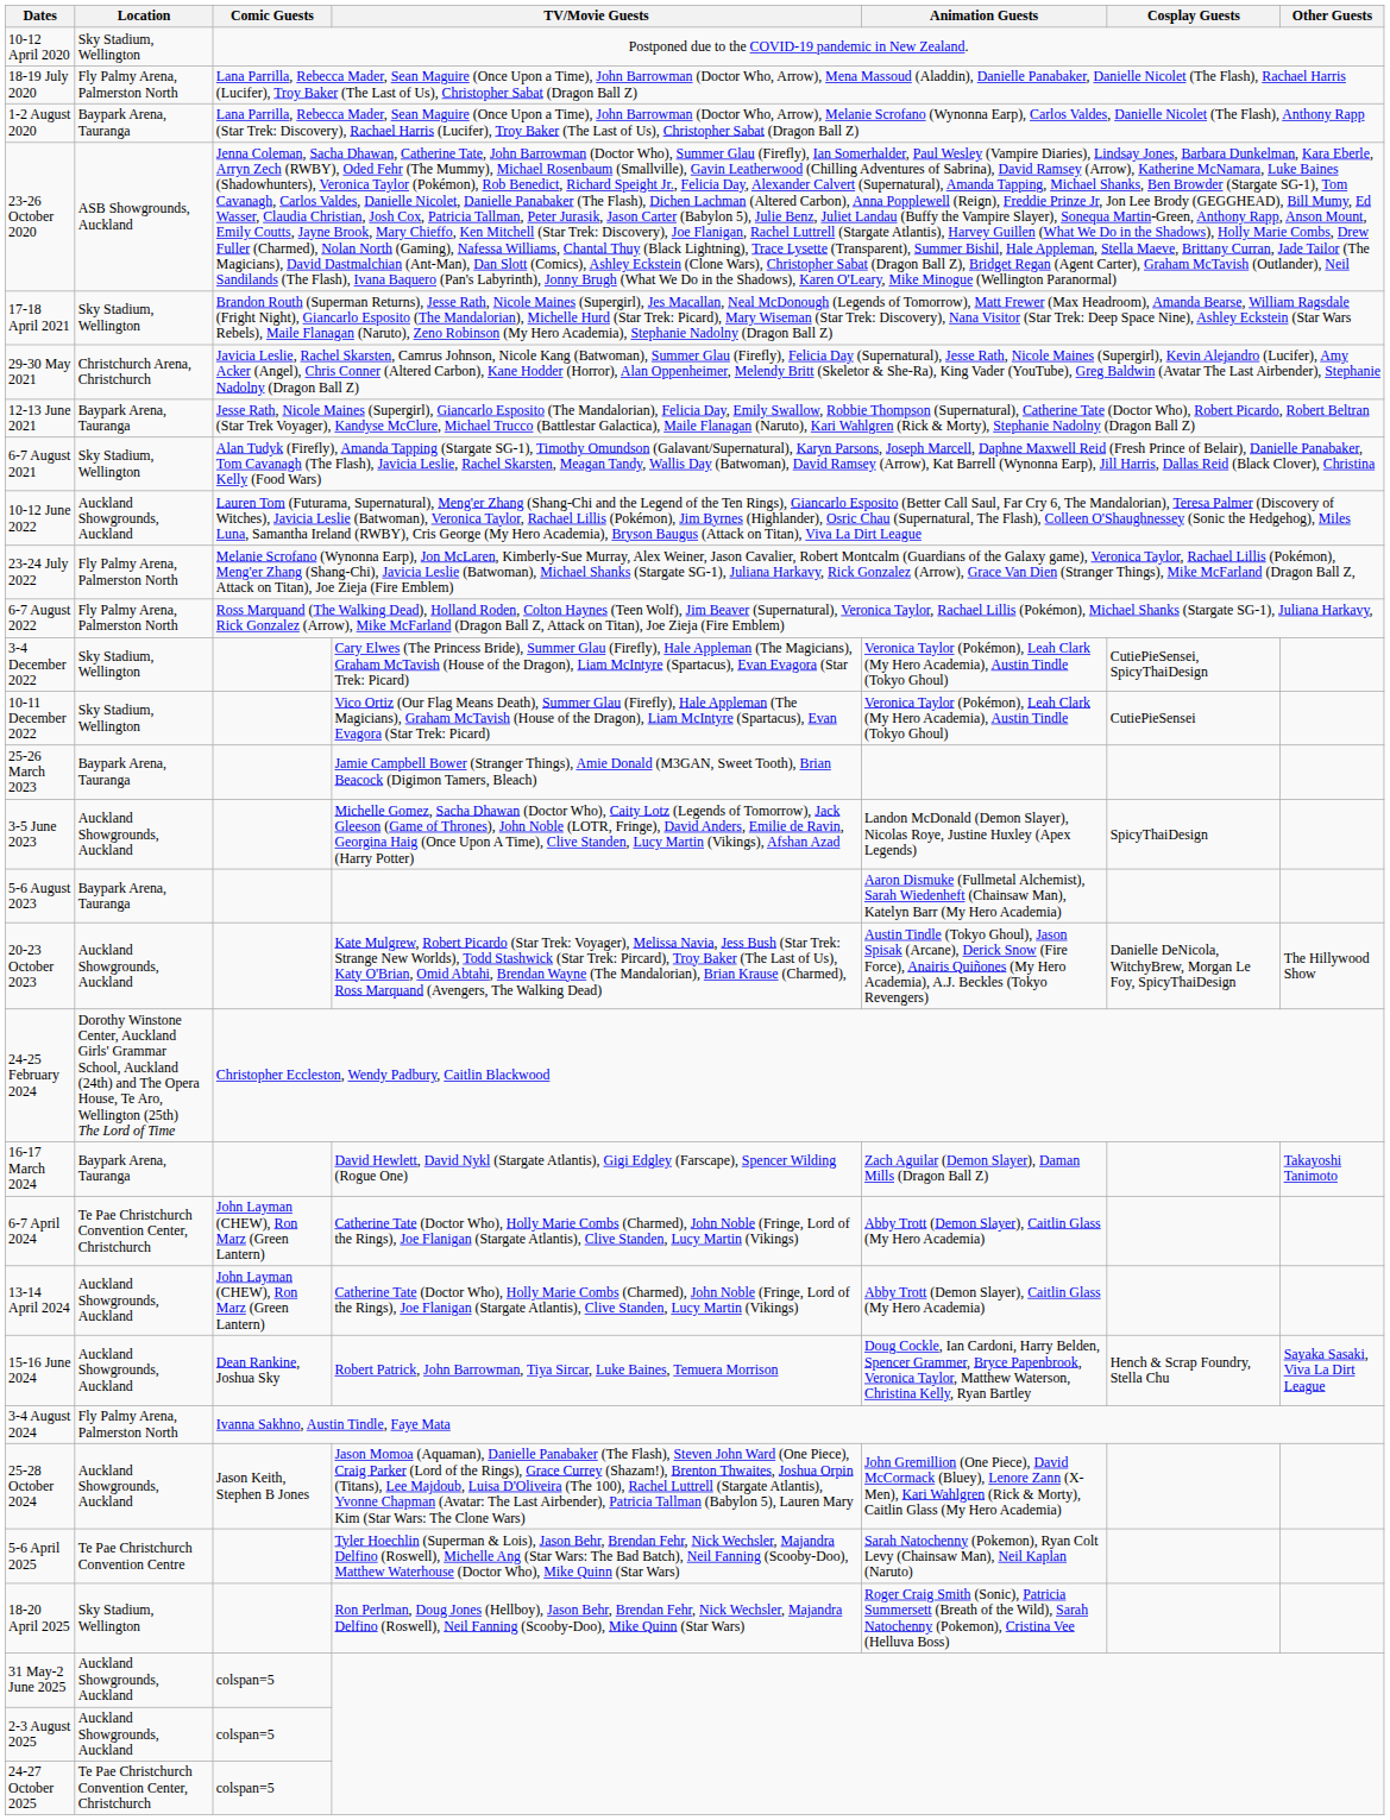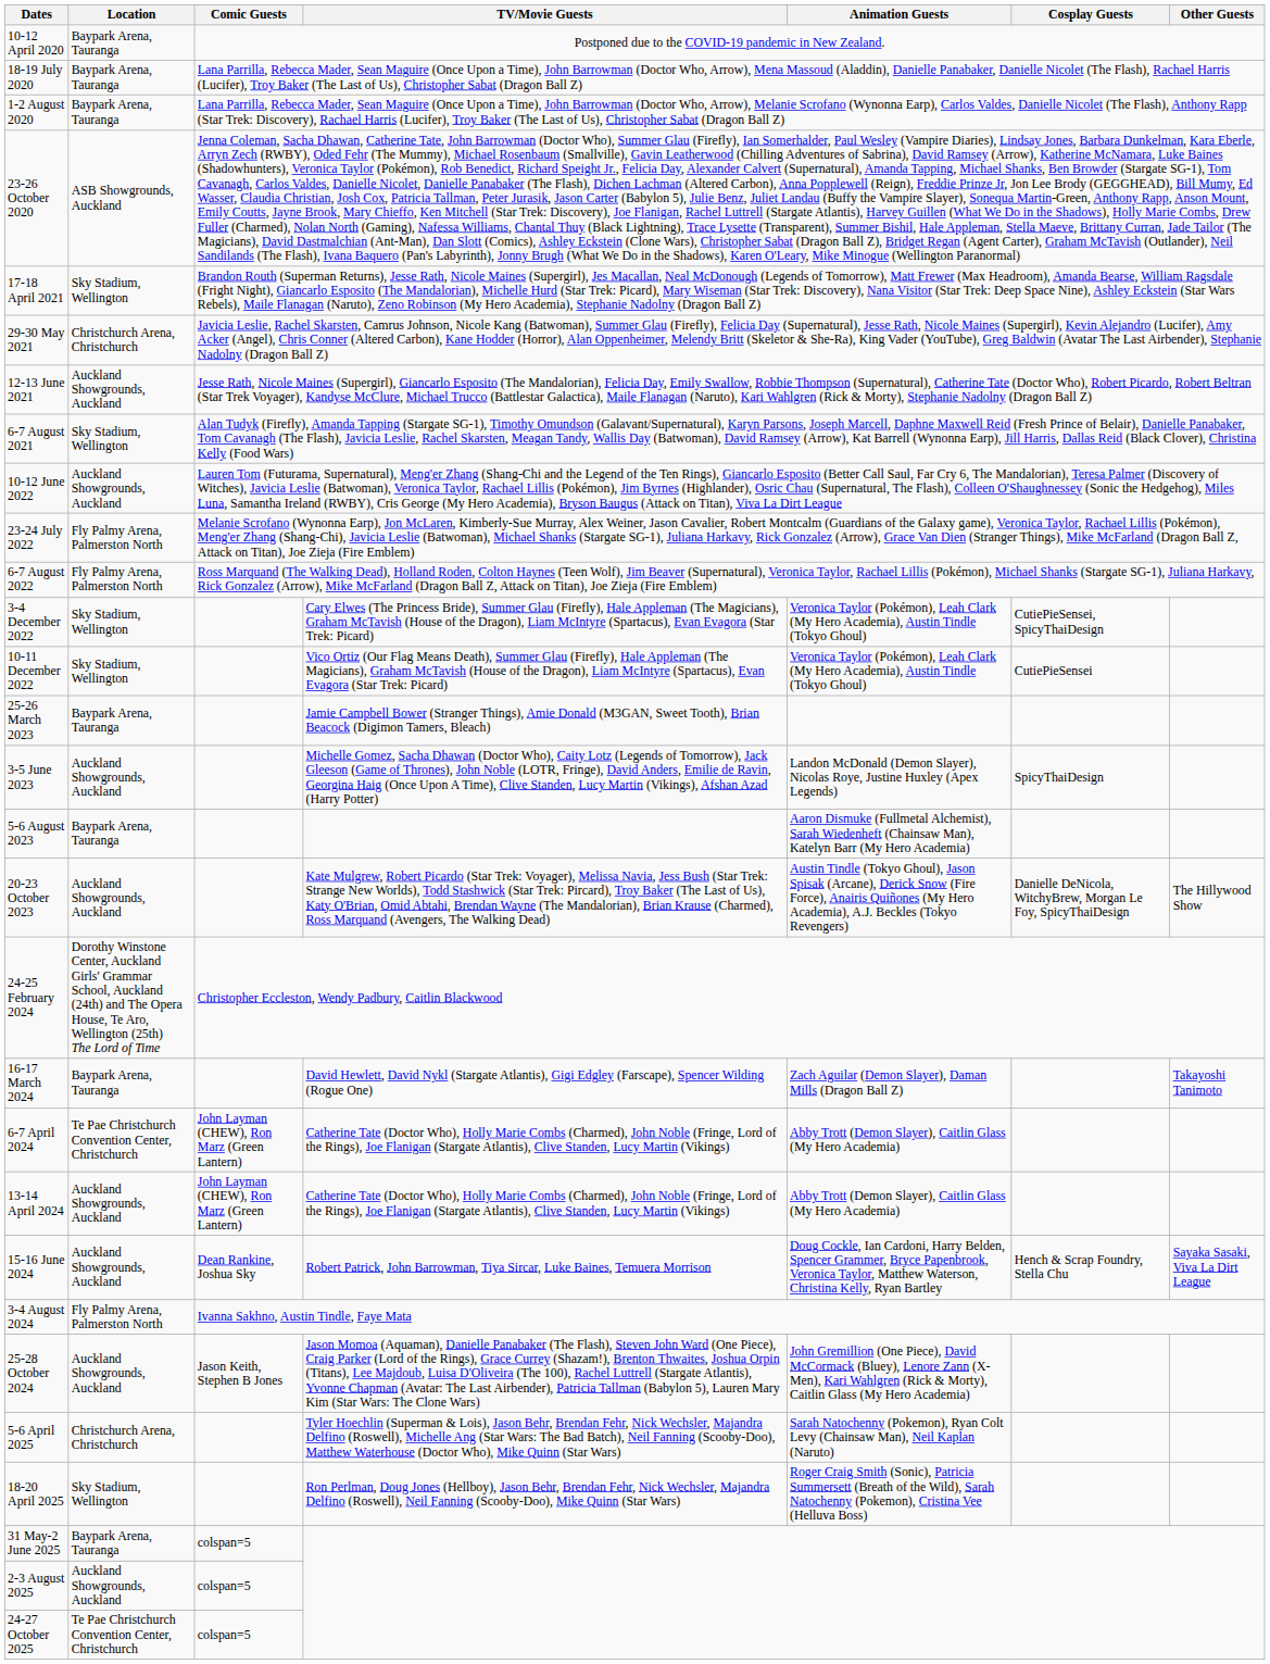 <table class="wikitable sortable sticky-header">
 <tr>
 <th>Dates</th>
 <th>Location</th>
 <th>Comic Guests</th>
 <th>TV/Movie Guests</th>
 <th>Animation Guests</th>
 <th>Cosplay Guests</th>
 <th>Other Guests</th>
 </tr>
 <tr>
 <td>10-12 April 2020</td>
-<td>Sky Stadium, Wellington</td>
+<td>Baypark Arena, Tauranga</td>
 <td colspan=5 style="text-align: center;">Postponed due to the <a href='#'>COVID-19 pandemic in New Zealand</a>.</td>
 </tr>
 <tr>
 <td>18-19 July 2020</td>
-<td>Fly Palmy Arena, Palmerston North</td>
+<td>Baypark Arena, Tauranga</td>
 <td colspan=5><a href='#'>Lana Parrilla</a>, <a href='#'>Rebecca Mader</a>, <a href='#'>Sean Maguire</a> (Once Upon a Time), <a href='#'>John Barrowman</a> (Doctor Who, Arrow), <a href='#'>Mena Massoud</a> (Aladdin), <a href='#'>Danielle Panabaker</a>, <a href='#'>Danielle Nicolet</a> (The Flash), <a href='#'>Rachael Harris</a> (Lucifer), <a href='#'>Troy Baker</a> (The Last of Us), <a href='#'>Christopher Sabat</a> (Dragon Ball Z)</td>
 </tr>
 <tr>
 <td>1-2 August 2020</td>
 <td>Baypark Arena, Tauranga</td>
 <td colspan=5><a href='#'>Lana Parrilla</a>, <a href='#'>Rebecca Mader</a>, <a href='#'>Sean Maguire</a> (Once Upon a Time), <a href='#'>John Barrowman</a> (Doctor Who, Arrow), <a href='#'>Melanie Scrofano</a> (Wynonna Earp), <a href='#'>Carlos Valdes</a>, <a href='#'>Danielle Nicolet</a> (The Flash), <a href='#'>Anthony Rapp</a> (Star Trek: Discovery), <a href='#'>Rachael Harris</a> (Lucifer), <a href='#'>Troy Baker</a> (The Last of Us), <a href='#'>Christopher Sabat</a> (Dragon Ball Z)</td>
 </tr>
 <tr>
 <td>23-26 October 2020</td>
 <td>ASB Showgrounds, Auckland</td>
 <td colspan=5><a href='#'>Jenna Coleman</a>, <a href='#'>Sacha Dhawan</a>, <a href='#'>Catherine Tate</a>, <a href='#'>John Barrowman</a> (Doctor Who), <a href='#'>Summer Glau</a> (Firefly), <a href='#'>Ian Somerhalder</a>, <a href='#'>Paul Wesley</a> (Vampire Diaries), <a href='#'>Lindsay Jones</a>, <a href='#'>Barbara Dunkelman</a>, <a href='#'>Kara Eberle</a>, <a href='#'>Arryn Zech</a> (RWBY), <a href='#'>Oded Fehr</a> (The Mummy), <a href='#'>Michael Rosenbaum</a> (Smallville), <a href='#'>Gavin Leatherwood</a> (Chilling Adventures of Sabrina), <a href='#'>David Ramsey</a> (Arrow), <a href='#'>Katherine McNamara</a>, <a href='#'>Luke Baines</a> (Shadowhunters), <a href='#'>Veronica Taylor</a> (Pokémon), <a href='#'>Rob Benedict</a>, <a href='#'>Richard Speight Jr.</a>, <a href='#'>Felicia Day</a>, <a href='#'>Alexander Calvert</a> (Supernatural), <a href='#'>Amanda Tapping</a>, <a href='#'>Michael Shanks</a>, <a href='#'>Ben Browder</a> (Stargate SG-1), <a href='#'>Tom Cavanagh</a>, <a href='#'>Carlos Valdes</a>, <a href='#'>Danielle Nicolet</a>, <a href='#'>Danielle Panabaker</a> (The Flash), <a href='#'>Dichen Lachman</a> (Altered Carbon), <a href='#'>Anna Popplewell</a> (Reign), <a href='#'>Freddie Prinze Jr</a>, Jon Lee Brody (GEGGHEAD), <a href='#'>Bill Mumy</a>, <a href='#'>Ed Wasser</a>, <a href='#'>Claudia Christian</a>, <a href='#'>Josh Cox</a>, <a href='#'>Patricia Tallman</a>, <a href='#'>Peter Jurasik</a>, <a href='#'>Jason Carter</a> (Babylon 5), <a href='#'>Julie Benz</a>, <a href='#'>Juliet Landau</a> (Buffy the Vampire Slayer), <a href='#'>Sonequa Martin</a>-Green, <a href='#'>Anthony Rapp</a>, <a href='#'>Anson Mount</a>, <a href='#'>Emily Coutts</a>, <a href='#'>Jayne Brook</a>, <a href='#'>Mary Chieffo</a>, <a href='#'>Ken Mitchell</a> (Star Trek: Discovery), <a href='#'>Joe Flanigan</a>, <a href='#'>Rachel Luttrell</a> (Stargate Atlantis), <a href='#'>Harvey Guillen</a> (<a href='#'>What We Do in the Shadows</a>), <a href='#'>Holly Marie Combs</a>, <a href='#'>Drew Fuller</a> (Charmed), <a href='#'>Nolan North</a> (Gaming), <a href='#'>Nafessa Williams</a>, <a href='#'>Chantal Thuy</a> (Black Lightning), <a href='#'>Trace Lysette</a> (Transparent), <a href='#'>Summer Bishil</a>, <a href='#'>Hale Appleman</a>, <a href='#'>Stella Maeve</a>, <a href='#'>Brittany Curran</a>, <a href='#'>Jade Tailor</a> (The Magicians), <a href='#'>David Dastmalchian</a> (Ant-Man), <a href='#'>Dan Slott</a> (Comics), <a href='#'>Ashley Eckstein</a> (Clone Wars), <a href='#'>Christopher Sabat</a> (Dragon Ball Z), <a href='#'>Bridget Regan</a> (Agent Carter), <a href='#'>Graham McTavish</a> (Outlander), <a href='#'>Neil Sandilands</a> (The Flash), <a href='#'>Ivana Baquero</a> (Pan's Labyrinth), <a href='#'>Jonny Brugh</a> (What We Do in the Shadows), <a href='#'>Karen O'Leary</a>, <a href='#'>Mike Minogue</a> (Wellington Paranormal)</td>
 </tr>
 <tr>
 <td>17-18 April 2021</td>
 <td>Sky Stadium, Wellington</td>
 <td colspan=5><a href='#'>Brandon Routh</a> (Superman Returns), <a href='#'>Jesse Rath</a>, <a href='#'>Nicole Maines</a> (Supergirl), <a href='#'>Jes Macallan</a>, <a href='#'>Neal McDonough</a> (Legends of Tomorrow), <a href='#'>Matt Frewer</a> (Max Headroom), <a href='#'>Amanda Bearse</a>, <a href='#'>William Ragsdale</a> (Fright Night), <a href='#'>Giancarlo Esposito</a> (<a href='#'>The Mandalorian</a>), <a href='#'>Michelle Hurd</a> (Star Trek: Picard), <a href='#'>Mary Wiseman</a> (Star Trek: Discovery), <a href='#'>Nana Visitor</a> (Star Trek: Deep Space Nine), <a href='#'>Ashley Eckstein</a> (Star Wars Rebels), <a href='#'>Maile Flanagan</a> (Naruto), <a href='#'>Zeno Robinson</a> (My Hero Academia), <a href='#'>Stephanie Nadolny</a> (Dragon Ball Z)</td>
 </tr>
 <tr>
 <td>29-30 May 2021</td>
 <td>Christchurch Arena, Christchurch</td>
 <td colspan=5><a href='#'>Javicia Leslie</a>, <a href='#'>Rachel Skarsten</a>, Camrus Johnson, Nicole Kang (Batwoman), <a href='#'>Summer Glau</a> (Firefly), <a href='#'>Felicia Day</a> (Supernatural), <a href='#'>Jesse Rath</a>, <a href='#'>Nicole Maines</a> (Supergirl), <a href='#'>Kevin Alejandro</a> (Lucifer), <a href='#'>Amy Acker</a> (Angel), <a href='#'>Chris Conner</a> (Altered Carbon), <a href='#'>Kane Hodder</a> (Horror), <a href='#'>Alan Oppenheimer</a>, <a href='#'>Melendy Britt</a> (Skeletor & She-Ra), King Vader (YouTube), <a href='#'>Greg Baldwin</a> (Avatar The Last Airbender), <a href='#'>Stephanie Nadolny</a> (Dragon Ball Z)</td>
 </tr>
 <tr>
 <td>12-13 June 2021</td>
-<td>Baypark Arena, Tauranga</td>
+<td>Auckland Showgrounds, Auckland</td>
 <td colspan=5><a href='#'>Jesse Rath</a>, <a href='#'>Nicole Maines</a> (Supergirl), <a href='#'>Giancarlo Esposito</a> (The Mandalorian), <a href='#'>Felicia Day</a>, <a href='#'>Emily Swallow</a>, <a href='#'>Robbie Thompson</a> (Supernatural), <a href='#'>Catherine Tate</a> (Doctor Who), <a href='#'>Robert Picardo</a>, <a href='#'>Robert Beltran</a> (Star Trek Voyager), <a href='#'>Kandyse McClure</a>, <a href='#'>Michael Trucco</a> (Battlestar Galactica), <a href='#'>Maile Flanagan</a> (Naruto), <a href='#'>Kari Wahlgren</a> (Rick & Morty), <a href='#'>Stephanie Nadolny</a> (Dragon Ball Z)</td>
 </tr>
 <tr>
 <td>6-7 August 2021</td>
 <td>Sky Stadium, Wellington</td>
 <td colspan=5><a href='#'>Alan Tudyk</a> (Firefly), <a href='#'>Amanda Tapping</a> (Stargate SG-1), <a href='#'>Timothy Omundson</a> (Galavant/Supernatural), <a href='#'>Karyn Parsons</a>, <a href='#'>Joseph Marcell</a>, <a href='#'>Daphne Maxwell Reid</a> (Fresh Prince of Belair), <a href='#'>Danielle Panabaker</a>, <a href='#'>Tom Cavanagh</a> (The Flash), <a href='#'>Javicia Leslie</a>, <a href='#'>Rachel Skarsten</a>, <a href='#'>Meagan Tandy</a>, <a href='#'>Wallis Day</a> (Batwoman), <a href='#'>David Ramsey</a> (Arrow), Kat Barrell (Wynonna Earp), <a href='#'>Jill Harris</a>, <a href='#'>Dallas Reid</a> (Black Clover), <a href='#'>Christina Kelly</a> (Food Wars)</td>
 </tr>
 <tr>
 <td>10-12 June 2022</td>
 <td>Auckland Showgrounds, Auckland</td>
 <td colspan=5><a href='#'>Lauren Tom</a> (Futurama, Supernatural), <a href='#'>Meng'er Zhang</a> (Shang-Chi and the Legend of the Ten Rings), <a href='#'>Giancarlo Esposito</a> (Better Call Saul, Far Cry 6, The Mandalorian), <a href='#'>Teresa Palmer</a> (Discovery of Witches), <a href='#'>Javicia Leslie</a> (Batwoman), <a href='#'>Veronica Taylor</a>, <a href='#'>Rachael Lillis</a> (Pokémon), <a href='#'>Jim Byrnes</a> (Highlander), <a href='#'>Osric Chau</a> (Supernatural, The Flash), <a href='#'>Colleen O'Shaughnessey</a> (Sonic the Hedgehog), <a href='#'>Miles Luna</a>, Samantha Ireland (RWBY), Cris George (My Hero Academia), <a href='#'>Bryson Baugus</a> (Attack on Titan), <a href='#'>Viva La Dirt League</a></td>
 </tr>
 <tr>
 <td>23-24 July 2022</td>
 <td>Fly Palmy Arena, Palmerston North</td>
 <td colspan=5><a href='#'>Melanie Scrofano</a> (Wynonna Earp), <a href='#'>Jon McLaren</a>, Kimberly-Sue Murray, Alex Weiner, Jason Cavalier, Robert Montcalm (Guardians of the Galaxy game), <a href='#'>Veronica Taylor</a>, <a href='#'>Rachael Lillis</a> (Pokémon), <a href='#'>Meng'er Zhang</a> (Shang-Chi), <a href='#'>Javicia Leslie</a> (Batwoman), <a href='#'>Michael Shanks</a> (Stargate SG-1), <a href='#'>Juliana Harkavy</a>, <a href='#'>Rick Gonzalez</a> (Arrow), <a href='#'>Grace Van Dien</a> (Stranger Things), <a href='#'>Mike McFarland</a> (Dragon Ball Z, Attack on Titan), Joe Zieja (Fire Emblem)</td>
 </tr>
 <tr>
 <td>6-7 August 2022</td>
 <td>Fly Palmy Arena, Palmerston North</td>
 <td colspan=5><a href='#'>Ross Marquand</a> (<a href='#'>The Walking Dead</a>), <a href='#'>Holland Roden</a>, <a href='#'>Colton Haynes</a> (Teen Wolf), <a href='#'>Jim Beaver</a> (Supernatural), <a href='#'>Veronica Taylor</a>, <a href='#'>Rachael Lillis</a> (Pokémon), <a href='#'>Michael Shanks</a> (Stargate SG-1), <a href='#'>Juliana Harkavy</a>, <a href='#'>Rick Gonzalez</a> (Arrow), <a href='#'>Mike McFarland</a> (Dragon Ball Z, Attack on Titan), Joe Zieja (Fire Emblem)</td>
 </tr>
 <tr>
 <td>3-4 December 2022</td>
 <td>Sky Stadium, Wellington</td>
 <td></td>
 <td><a href='#'>Cary Elwes</a> (The Princess Bride), <a href='#'>Summer Glau</a> (Firefly), <a href='#'>Hale Appleman</a> (The Magicians), <a href='#'>Graham McTavish</a> (House of the Dragon), <a href='#'>Liam McIntyre</a> (Spartacus), <a href='#'>Evan Evagora</a> (Star Trek: Picard)</td>
 <td><a href='#'>Veronica Taylor</a> (Pokémon), <a href='#'>Leah Clark</a> (My Hero Academia), <a href='#'>Austin Tindle</a> (Tokyo Ghoul)</td>
 <td>CutiePieSensei, SpicyThaiDesign</td>
 <td></td>
 </tr>
 <tr>
 <td>10-11 December 2022</td>
 <td>Sky Stadium, Wellington</td>
 <td></td>
 <td><a href='#'>Vico Ortiz</a> (Our Flag Means Death), <a href='#'>Summer Glau</a> (Firefly), <a href='#'>Hale Appleman</a> (The Magicians), <a href='#'>Graham McTavish</a> (House of the Dragon), <a href='#'>Liam McIntyre</a> (Spartacus), <a href='#'>Evan Evagora</a> (Star Trek: Picard)</td>
 <td><a href='#'>Veronica Taylor</a> (Pokémon), <a href='#'>Leah Clark</a> (My Hero Academia), <a href='#'>Austin Tindle</a> (Tokyo Ghoul)</td>
 <td>CutiePieSensei</td>
 <td></td>
 </tr>
 <tr>
 <td>25-26 March 2023</td>
 <td>Baypark Arena, Tauranga</td>
 <td></td>
 <td><a href='#'>Jamie Campbell Bower</a> (Stranger Things), <a href='#'>Amie Donald</a> (M3GAN, Sweet Tooth), <a href='#'>Brian Beacock</a> (Digimon Tamers, Bleach)</td>
 <td></td>
 <td></td>
 <td></td>
 </tr>
 <tr>
 <td>3-5 June 2023</td>
 <td>Auckland Showgrounds, Auckland</td>
 <td></td>
 <td><a href='#'>Michelle Gomez</a>, <a href='#'>Sacha Dhawan</a> (Doctor Who), <a href='#'>Caity Lotz</a> (Legends of Tomorrow), <a href='#'>Jack Gleeson</a> (<a href='#'>Game of Thrones</a>), <a href='#'>John Noble</a> (LOTR, Fringe), <a href='#'>David Anders</a>, <a href='#'>Emilie de Ravin</a>, <a href='#'>Georgina Haig</a> (Once Upon A Time), <a href='#'>Clive Standen</a>, <a href='#'>Lucy Martin</a> (Vikings), <a href='#'>Afshan Azad</a> (Harry Potter)</td>
 <td>Landon McDonald (Demon Slayer), Nicolas Roye, Justine Huxley (Apex Legends)</td>
 <td>SpicyThaiDesign</td>
 <td></td>
 </tr>
 <tr>
 <td>5-6 August 2023</td>
 <td>Baypark Arena, Tauranga</td>
 <td></td>
 <td></td>
 <td><a href='#'>Aaron Dismuke</a> (Fullmetal Alchemist), <a href='#'>Sarah Wiedenheft</a> (Chainsaw Man), Katelyn Barr (My Hero Academia)</td>
 <td></td>
 <td></td>
 </tr>
 <tr>
 <td>20-23 October 2023</td>
 <td>Auckland Showgrounds, Auckland</td>
 <td></td>
 <td><a href='#'>Kate Mulgrew</a>, <a href='#'>Robert Picardo</a> (Star Trek: Voyager), <a href='#'>Melissa Navia</a>, <a href='#'>Jess Bush</a> (Star Trek: Strange New Worlds), <a href='#'>Todd Stashwick</a> (Star Trek: Pircard), <a href='#'>Troy Baker</a> (The Last of Us), <a href='#'>Katy O'Brian</a>, <a href='#'>Omid Abtahi</a>, <a href='#'>Brendan Wayne</a> (The Mandalorian), <a href='#'>Brian Krause</a> (Charmed), <a href='#'>Ross Marquand</a> (Avengers, The Walking Dead)</td>
 <td><a href='#'>Austin Tindle</a> (Tokyo Ghoul), <a href='#'>Jason Spisak</a> (Arcane), <a href='#'>Derick Snow</a> (Fire Force), <a href='#'>Anairis Quiñones</a> (My Hero Academia), A.J. Beckles (Tokyo Revengers)</td>
 <td>Danielle DeNicola, WitchyBrew, Morgan Le Foy, SpicyThaiDesign</td>
 <td>The Hillywood Show</td>
 </tr>
 <tr>
 <td>24-25 February 2024</td>
 <td>Dorothy Winstone Center, Auckland Girls' Grammar School, Auckland (24th) and The Opera House, Te Aro, Wellington (25th)<br><em>The Lord of Time</em></td>
 <td colspan=5><a href='#'>Christopher Eccleston</a>, <a href='#'>Wendy Padbury</a>, <a href='#'>Caitlin Blackwood</a></td>
 </tr>
 <tr>
 <td>16-17 March 2024</td>
 <td>Baypark Arena, Tauranga</td>
 <td></td>
 <td><a href='#'>David Hewlett</a>, <a href='#'>David Nykl</a> (Stargate Atlantis), <a href='#'>Gigi Edgley</a> (Farscape), <a href='#'>Spencer Wilding</a> (Rogue One)</td>
 <td><a href='#'>Zach Aguilar</a> (<a href='#'>Demon Slayer</a>), <a href='#'>Daman Mills</a> (Dragon Ball Z)</td>
 <td></td>
 <td><a href='#'>Takayoshi Tanimoto</a></td>
 </tr>
 <tr>
 <td>6-7 April 2024</td>
 <td>Te Pae Christchurch Convention Center, Christchurch</td>
 <td><a href='#'>John Layman</a> (CHEW), <a href='#'>Ron Marz</a> (Green Lantern)</td>
 <td><a href='#'>Catherine Tate</a> (Doctor Who), <a href='#'>Holly Marie Combs</a> (Charmed), <a href='#'>John Noble</a> (Fringe, Lord of the Rings), <a href='#'>Joe Flanigan</a> (Stargate Atlantis), <a href='#'>Clive Standen</a>, <a href='#'>Lucy Martin</a> (Vikings)</td>
 <td><a href='#'>Abby Trott</a> (<a href='#'>Demon Slayer</a>), <a href='#'>Caitlin Glass</a> (My Hero Academia)</td>
 <td></td>
 <td></td>
 </tr>
 <tr>
 <td>13-14 April 2024</td>
 <td>Auckland Showgrounds, Auckland</td>
 <td><a href='#'>John Layman</a> (CHEW), <a href='#'>Ron Marz</a> (Green Lantern)</td>
 <td><a href='#'>Catherine Tate</a> (Doctor Who), <a href='#'>Holly Marie Combs</a> (Charmed), <a href='#'>John Noble</a> (Fringe, Lord of the Rings), <a href='#'>Joe Flanigan</a> (Stargate Atlantis), <a href='#'>Clive Standen</a>, <a href='#'>Lucy Martin</a> (Vikings)</td>
 <td><a href='#'>Abby Trott</a> (Demon Slayer), <a href='#'>Caitlin Glass</a> (My Hero Academia)</td>
 <td></td>
 <td></td>
 </tr>
 <tr>
 <td>15-16 June 2024</td>
 <td>Auckland Showgrounds, Auckland</td>
 <td><a href='#'>Dean Rankine</a>, Joshua Sky</td>
 <td><a href='#'>Robert Patrick</a>, <a href='#'>John Barrowman</a>, <a href='#'>Tiya Sircar</a>, <a href='#'>Luke Baines</a>, <a href='#'>Temuera Morrison</a></td>
 <td><a href='#'>Doug Cockle</a>, Ian Cardoni, Harry Belden, <a href='#'>Spencer Grammer</a>, <a href='#'>Bryce Papenbrook</a>, <a href='#'>Veronica Taylor</a>, Matthew Waterson, <a href='#'>Christina Kelly</a>, Ryan Bartley</td>
 <td>Hench & Scrap Foundry, Stella Chu</td>
 <td><a href='#'>Sayaka Sasaki</a>, <a href='#'>Viva La Dirt League</a></td>
 </tr>
 <tr>
 <td>3-4 August 2024</td>
 <td>Fly Palmy Arena, Palmerston North</td>
 <td colspan=5><a href='#'>Ivanna Sakhno</a>, <a href='#'>Austin Tindle</a>, <a href='#'>Faye Mata</a></td>
 </tr>
 <tr>
 <td>25-28 October 2024</td>
 <td>Auckland Showgrounds, Auckland</td>
 <td>Jason Keith, Stephen B Jones</td>
 <td><a href='#'>Jason Momoa</a> (Aquaman), <a href='#'>Danielle Panabaker</a> (The Flash), <a href='#'>Steven John Ward</a> (One Piece), <a href='#'>Craig Parker</a> (Lord of the Rings), <a href='#'>Grace Currey</a> (Shazam!), <a href='#'>Brenton Thwaites</a>, <a href='#'>Joshua Orpin</a> (Titans), <a href='#'>Lee Majdoub</a>, <a href='#'>Luisa D'Oliveira</a> (The 100), <a href='#'>Rachel Luttrell</a> (Stargate Atlantis), <a href='#'>Yvonne Chapman</a> (Avatar: The Last Airbender), <a href='#'>Patricia Tallman</a> (Babylon 5), Lauren Mary Kim (Star Wars: The Clone Wars)</td>
 <td><a href='#'>John Gremillion</a> (One Piece), <a href='#'>David McCormack</a> (Bluey), <a href='#'>Lenore Zann</a> (X-Men), <a href='#'>Kari Wahlgren</a> (Rick & Morty), Caitlin Glass (My Hero Academia)</td>
 <td></td>
 <td></td>
 </tr>
 <tr>
 <td>5-6 April 2025</td>
-<td>Te Pae Christchurch Convention Centre</td>
+<td>Christchurch Arena, Christchurch</td>
 <td></td>
 <td><a href='#'>Tyler Hoechlin</a> (Superman & Lois), <a href='#'>Jason Behr</a>, <a href='#'>Brendan Fehr</a>, <a href='#'>Nick Wechsler</a>, <a href='#'>Majandra Delfino</a> (Roswell), <a href='#'>Michelle Ang</a> (Star Wars: The Bad Batch), <a href='#'>Neil Fanning</a> (Scooby-Doo), <a href='#'>Matthew Waterhouse</a> (Doctor Who), <a href='#'>Mike Quinn</a> (Star Wars)</td>
 <td><a href='#'>Sarah Natochenny</a> (Pokemon), Ryan Colt Levy (Chainsaw Man), <a href='#'>Neil Kaplan</a> (Naruto)</td>
 <td></td>
 <td></td>
 </tr>
 <tr>
 <td>18-20 April 2025</td>
 <td>Sky Stadium, Wellington</td>
 <td></td>
 <td><a href='#'>Ron Perlman</a>, <a href='#'>Doug Jones</a> (Hellboy), <a href='#'>Jason Behr</a>, <a href='#'>Brendan Fehr</a>, <a href='#'>Nick Wechsler</a>, <a href='#'>Majandra Delfino</a> (Roswell), <a href='#'>Neil Fanning</a> (Scooby-Doo), <a href='#'>Mike Quinn</a> (Star Wars)</td>
 <td><a href='#'>Roger Craig Smith</a> (Sonic), <a href='#'>Patricia Summersett</a> (Breath of the Wild), <a href='#'>Sarah Natochenny</a> (Pokemon), <a href='#'>Cristina Vee</a> (Helluva Boss)</td>
 <td></td>
 <td></td>
 </tr>
 <tr>
 <td>31 May-2 June 2025</td>
-<td>Auckland Showgrounds, Auckland</td>
+<td>Baypark Arena, Tauranga</td>
 <td>colspan=5</td>
 </tr>
 <tr>
 <td>2-3 August 2025</td>
 <td>Auckland Showgrounds, Auckland</td>
 <td>colspan=5</td>
 </tr>
 <tr>
 <td>24-27 October 2025</td>
 <td>Te Pae Christchurch Convention Center, Christchurch</td>
 <td>colspan=5</td>
 </tr>
 </table>
